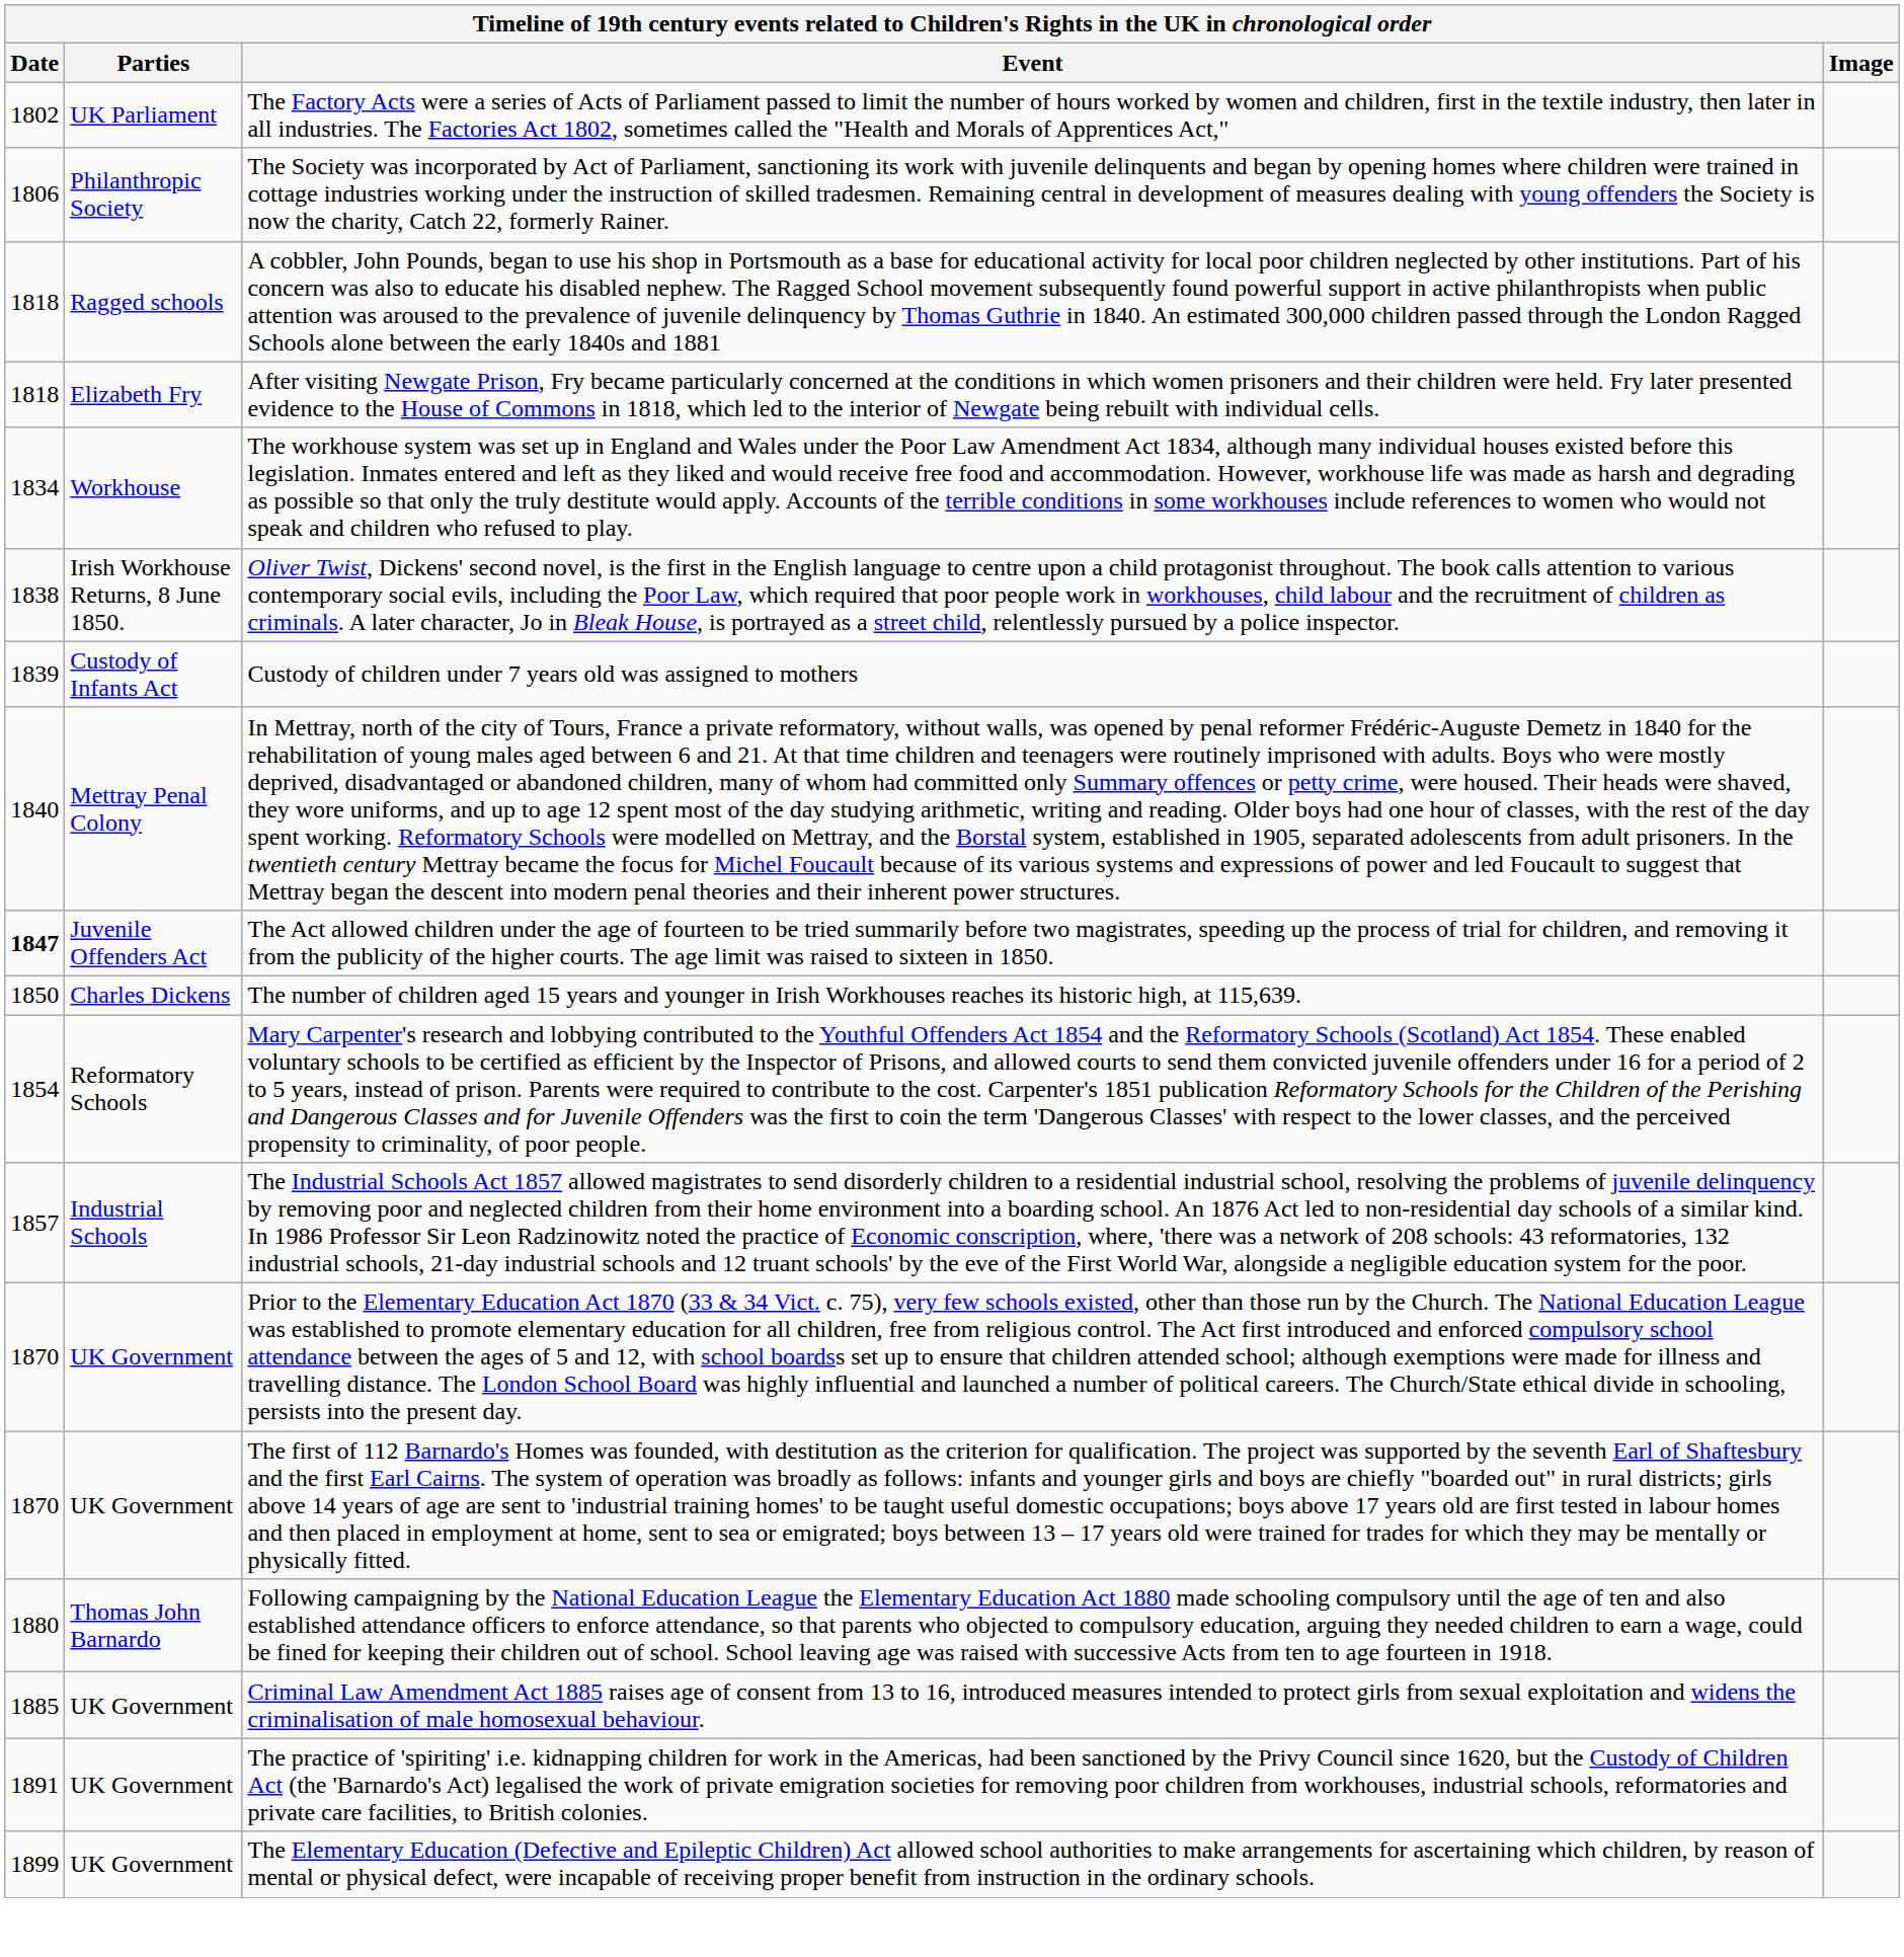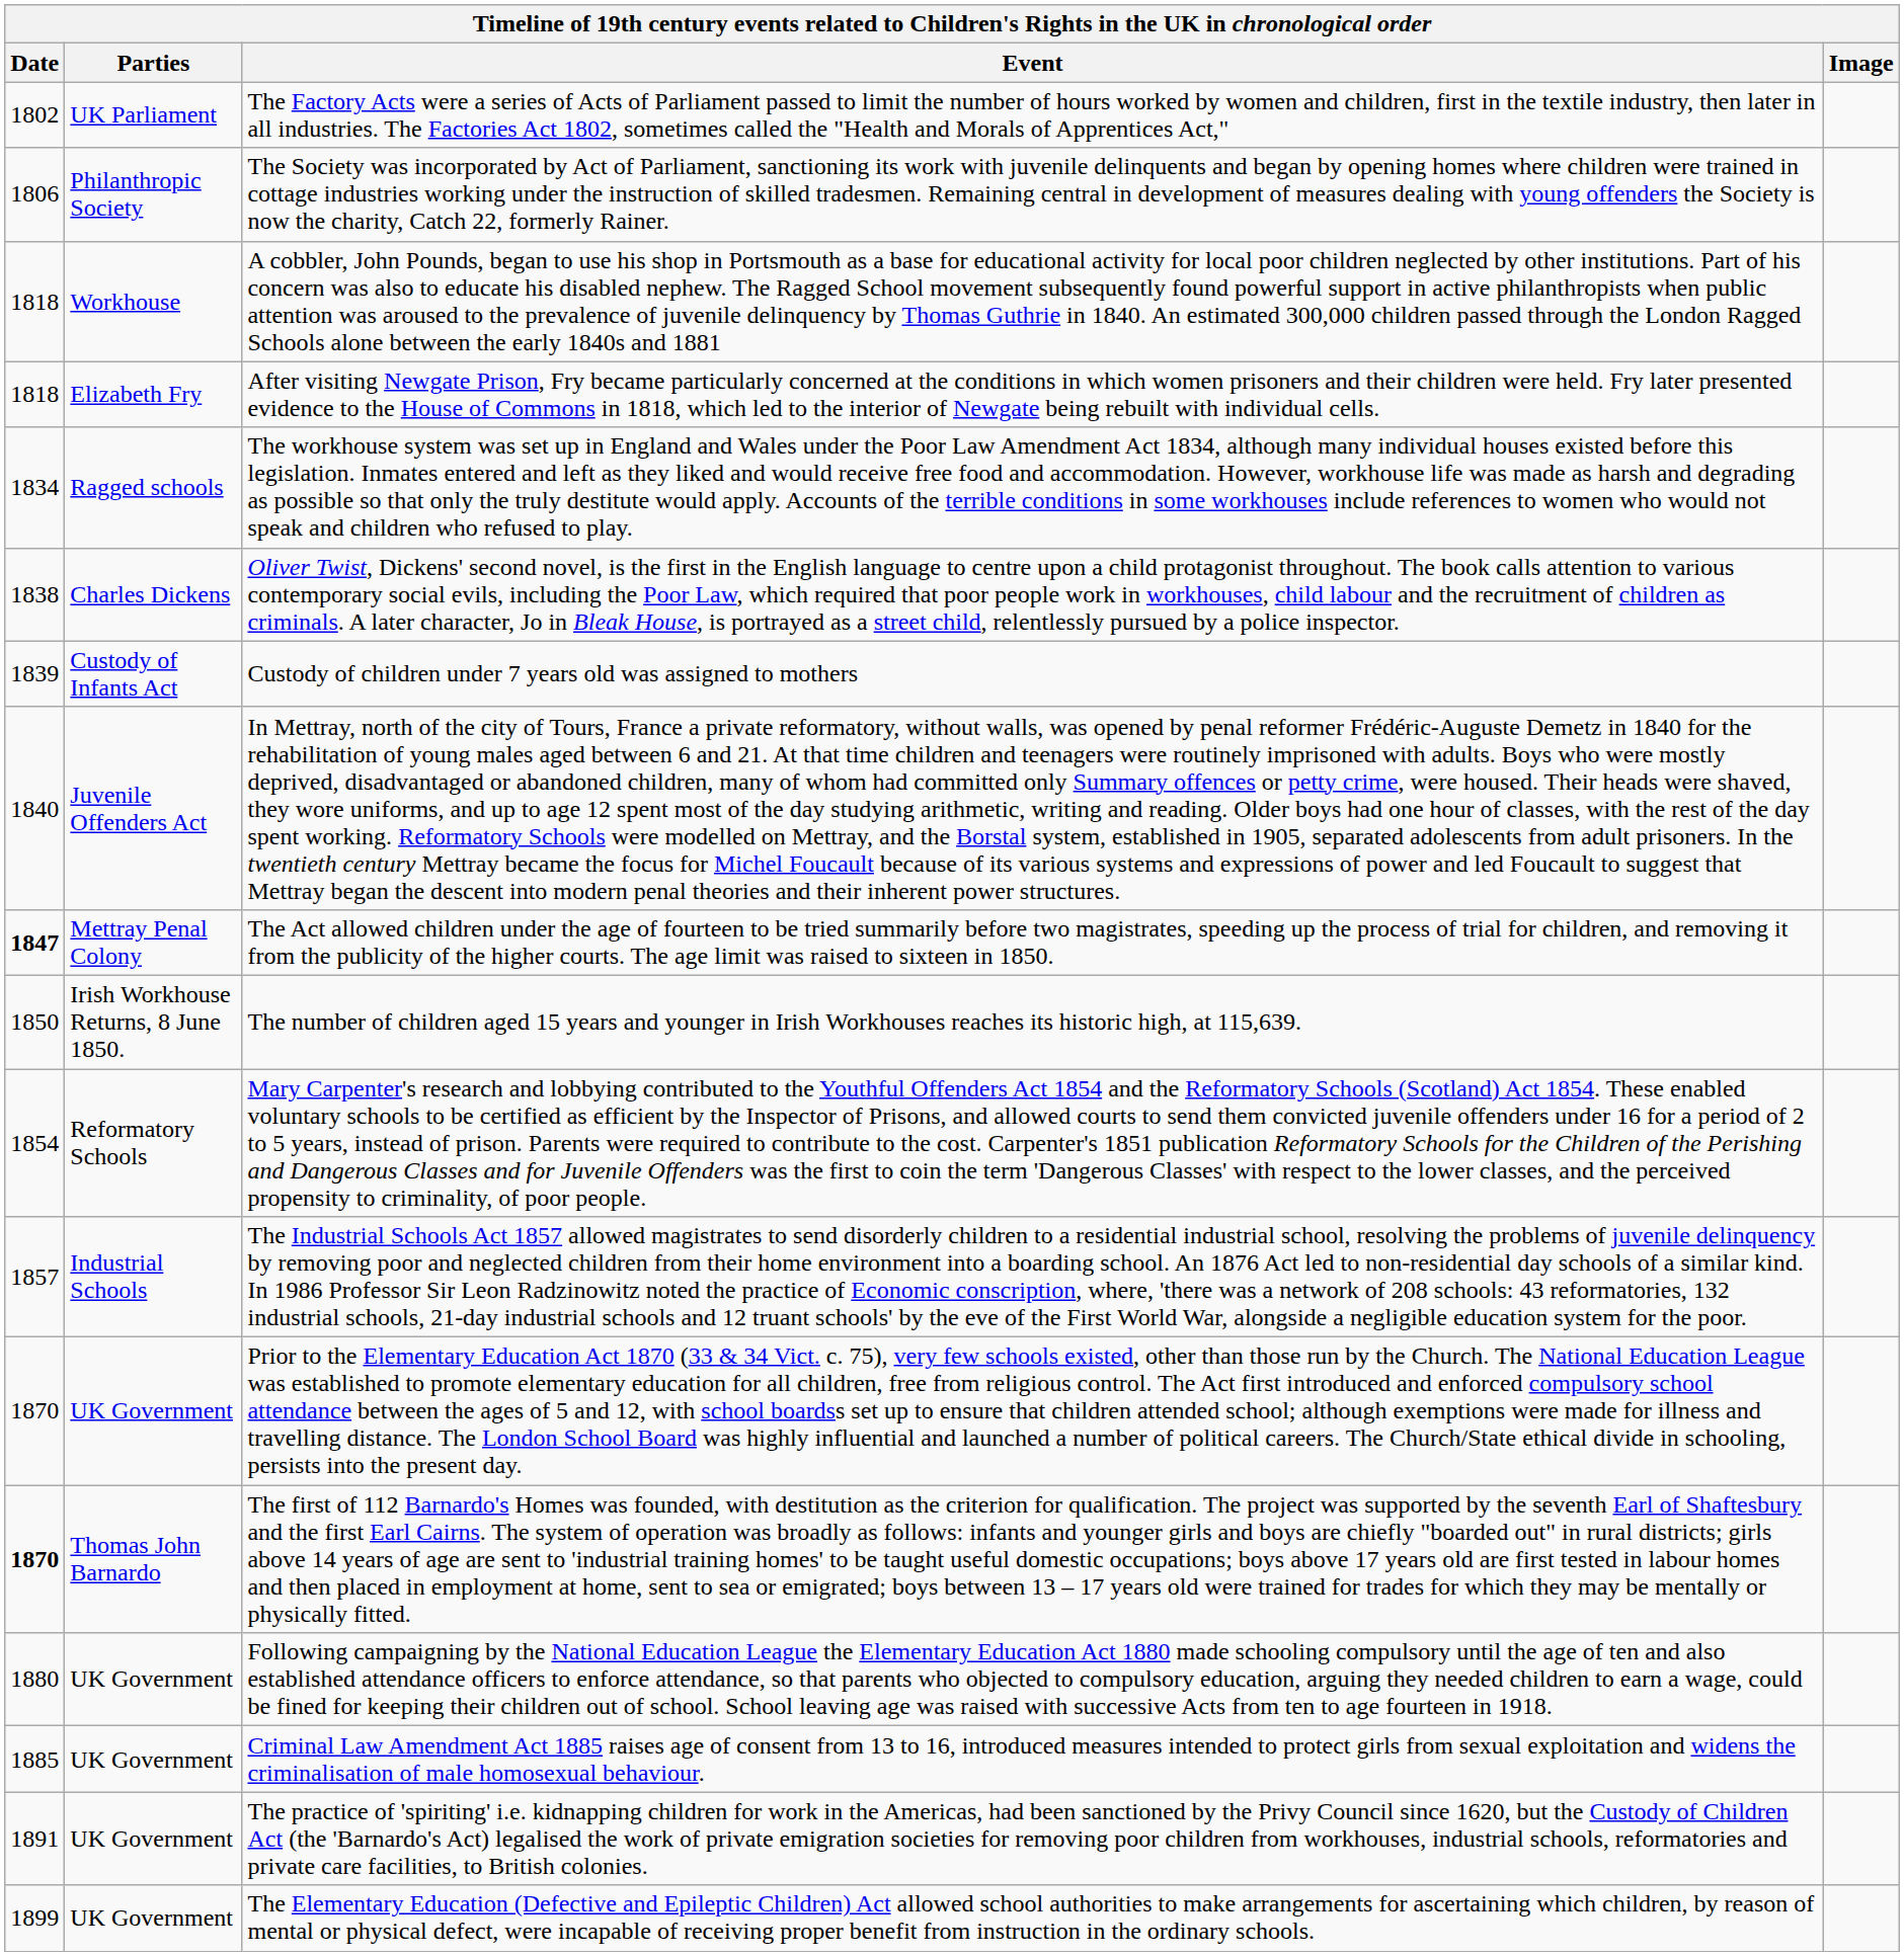 <table class="wikitable">
 <tr>
 <th align="center" colspan="6"><strong>Timeline of 19th century events related to Children's Rights in the UK</strong> in <em>chronological order</em></th>
 </tr>
 <tr>
 <th>Date</th>
 <th>Parties</th>
 <th>Event</th>
 <th>Image</th>
 </tr>
 <tr>
 <td>1802</td>
 <td><a href='#'>UK Parliament</a></td>
 <td>The <a href='#'>Factory Acts</a> were a series of Acts of Parliament passed to limit the number of hours worked by women and children, first in the textile industry, then later in all industries. The <a href='#'>Factories Act 1802</a>, sometimes called the "Health and Morals of Apprentices Act,"</td>
 <td></td>
 </tr>
 <tr>
 <td>1806</td>
 <td><a href='#'>Philanthropic Society</a></td>
 <td>The Society was incorporated by Act of Parliament, sanctioning its work with juvenile delinquents and began by opening homes where children were trained in cottage industries working under the instruction of skilled tradesmen. Remaining central in development of measures dealing with <a href='#'>young offenders</a> the Society is now the charity, Catch 22, formerly Rainer.</td>
 <td></td>
 </tr>
 <tr>
 <td>1818</td>
-<td><a href='#'>Ragged schools</a></td>
+<td><a href='#'>Workhouse</a></td>
 <td>A cobbler, John Pounds, began to use his shop in Portsmouth as a base for educational activity for local poor children neglected by other institutions. Part of his concern was also to educate his disabled nephew. The Ragged School movement subsequently found powerful support in active philanthropists when public attention was aroused to the prevalence of juvenile delinquency by <a href='#'>Thomas Guthrie</a> in 1840. An estimated 300,000 children passed through the London Ragged Schools alone between the early 1840s and 1881</td>
 </tr>
 <tr>
 <td>1818</td>
 <td><a href='#'>Elizabeth Fry</a></td>
 <td>After visiting <a href='#'>Newgate Prison</a>, Fry became particularly concerned at the conditions in which women prisoners and their children were held. Fry later presented evidence to the <a href='#'>House of Commons</a> in 1818, which led to the interior of <a href='#'>Newgate</a> being rebuilt with individual cells.</td>
 <td></td>
 </tr>
 <tr>
 <td>1834</td>
-<td><a href='#'>Workhouse</a></td>
+<td><a href='#'>Ragged schools</a></td>
 <td>The workhouse system was set up in England and Wales under the Poor Law Amendment Act 1834, although many individual houses existed before this legislation. Inmates entered and left as they liked and would receive free food and accommodation. However, workhouse life was made as harsh and degrading as possible so that only the truly destitute would apply. Accounts of the <a href='#'>terrible conditions</a> in <a href='#'>some workhouses</a> include references to women who would not speak and children who refused to play.</td>
 <td></td>
 </tr>
 <tr>
 <td>1838</td>
-<td>Irish Workhouse Returns, 8 June 1850.</td>
+<td><a href='#'>Charles Dickens</a></td>
 <td><em><a href='#'>Oliver Twist</a></em>, Dickens' second novel, is the first in the English language to centre upon a child protagonist throughout.  The book calls attention to various contemporary social evils, including the <a href='#'>Poor Law</a>, which required that poor people work in <a href='#'>workhouses</a>, <a href='#'>child labour</a> and the recruitment of <a href='#'>children as criminals</a>. A later character, Jo in <em><a href='#'>Bleak House</a></em>, is portrayed as a <a href='#'>street child</a>, relentlessly pursued by a police inspector.</td>
 <td></td>
 </tr>
 <tr>
 <td>1839</td>
 <td><a href='#'>Custody of Infants Act</a></td>
 <td>Custody of children under 7 years old was assigned to mothers</td>
 </tr>
 <tr>
 <td>1840</td>
-<td><a href='#'>Mettray Penal Colony</a></td>
+<td><a href='#'>Juvenile Offenders Act</a></td>
 <td>In Mettray, north of the city of Tours, France a private reformatory, without walls, was opened by penal reformer Frédéric-Auguste Demetz in 1840 for the rehabilitation of young males aged between 6 and 21. At that time children and teenagers were routinely imprisoned with adults. Boys who were mostly deprived, disadvantaged or abandoned children, many of whom had committed only <a href='#'>Summary offences</a> or <a href='#'>petty crime</a>, were housed. Their heads were shaved, they wore uniforms, and up to age 12 spent most of the day studying arithmetic, writing and reading. Older boys had one hour of classes, with the rest of the day spent working. <a href='#'>Reformatory Schools</a> were modelled on Mettray, and the <a href='#'>Borstal</a> system, established in 1905, separated adolescents from adult prisoners. In the <em>twentieth century</em> Mettray became the focus for <a href='#'>Michel Foucault</a> because of its various systems and expressions of power and led Foucault to suggest that Mettray began the descent into modern penal theories and their inherent power structures.</td>
 <td></td>
 </tr>
 <tr>
 <td><strong>1847</strong></td>
-<td><a href='#'>Juvenile Offenders Act</a></td>
+<td><a href='#'>Mettray Penal Colony</a></td>
 <td>The Act allowed children under the age of fourteen to be tried summarily before two magistrates, speeding up the process of trial for children, and removing it from the publicity of the higher courts. The age limit was raised to sixteen in 1850.</td>
 <td></td>
 </tr>
 <tr>
 <td>1850</td>
-<td><a href='#'>Charles Dickens</a></td>
+<td>Irish Workhouse Returns, 8 June 1850.</td>
 <td>The number of children aged 15 years and younger in Irish Workhouses reaches its historic high, at 115,639.</td>
 <td></td>
 </tr>
 <tr>
 <td>1854</td>
 <td>Reformatory Schools</td>
 <td><a href='#'>Mary Carpenter</a>'s research and lobbying contributed to the <a href='#'>Youthful Offenders Act 1854</a> and the <a href='#'>Reformatory Schools (Scotland) Act 1854</a>. These enabled voluntary schools to be certified as efficient by the Inspector of Prisons, and allowed courts to send them convicted juvenile offenders under 16 for a period of 2 to 5 years, instead of prison. Parents were required to contribute to the cost. Carpenter's 1851 publication <em>Reformatory Schools for the Children of the Perishing and Dangerous Classes and for Juvenile Offenders</em> was the first to coin the term 'Dangerous Classes' with respect to the lower classes, and the perceived propensity to criminality, of poor people.</td>
 <td></td>
 </tr>
 <tr>
 <td>1857</td>
 <td><a href='#'>Industrial Schools</a></td>
 <td>The <a href='#'>Industrial Schools Act 1857</a> allowed magistrates to send disorderly children to a residential industrial school, resolving the problems of <a href='#'>juvenile delinquency</a> by removing poor and neglected children from their home environment into a boarding school. An 1876 Act led to non-residential day schools of a similar kind. In 1986 Professor Sir Leon Radzinowitz noted the practice of <a href='#'>Economic conscription</a>, where, 'there was a network of 208 schools: 43 reformatories, 132 industrial schools, 21-day industrial schools and 12 truant schools' by the eve of the First World War, alongside a negligible education system for the poor.</td>
 <td></td>
 </tr>
 <tr>
 <td>1870</td>
 <td><a href='#'>UK Government</a></td>
 <td>Prior to the <a href='#'>Elementary Education Act 1870</a> (<a href='#'>33 & 34 Vict.</a> c. 75), <a href='#'>very few schools existed</a>, other than those run by the Church. The <a href='#'>National Education League</a> was established to promote elementary education for all children, free from religious control. The Act first introduced and enforced <a href='#'>compulsory school attendance</a> between the ages of 5 and 12, with <a href='#'>school boards</a>s set up to ensure that children attended school; although exemptions were made for illness and travelling distance. The <a href='#'>London School Board</a> was highly influential and launched a number of political careers.  The Church/State ethical divide in schooling, persists into the present day.</td>
 <td></td>
 </tr>
 <tr>
-<td>1870</td>
-<td>UK Government</td>
+<td><strong>1870</strong></td>
+<td><a href='#'>Thomas John Barnardo</a></td>
 <td>The first of 112 <a href='#'>Barnardo's</a> Homes was founded, with destitution as the criterion for qualification. The project was supported by the seventh <a href='#'>Earl of Shaftesbury</a> and the first <a href='#'>Earl Cairns</a>. The system of operation was broadly as follows: infants and younger girls and boys are chiefly "boarded out" in rural districts; girls above 14 years of age are sent to 'industrial training homes' to be taught useful domestic occupations; boys above 17 years old are first tested in labour homes and then placed in employment at home, sent to sea or emigrated; boys between 13 – 17 years old were trained for trades for which they may be mentally or physically fitted.</td>
 <td></td>
 </tr>
 <tr>
 <td>1880</td>
-<td><a href='#'>Thomas John Barnardo</a></td>
+<td>UK Government</td>
 <td>Following campaigning by the <a href='#'>National Education League</a> the <a href='#'>Elementary Education Act 1880</a> made schooling compulsory until the age of ten and also established attendance officers to enforce attendance, so that parents who objected to compulsory education, arguing they needed children to earn a wage, could be fined for keeping their children out of school.  School leaving age was raised with successive Acts from ten to age fourteen in 1918.</td>
 <td></td>
 </tr>
 <tr>
 <td>1885</td>
 <td>UK Government</td>
 <td><a href='#'>Criminal Law Amendment Act 1885</a> raises age of consent from 13 to 16, introduced measures intended to protect girls from sexual exploitation and <a href='#'>widens the criminalisation of male homosexual behaviour</a>.</td>
 <td></td>
 </tr>
 <tr>
 <td>1891</td>
 <td>UK Government</td>
 <td>The practice of 'spiriting' i.e. kidnapping children for work in the Americas, had been sanctioned by the Privy Council since 1620, but the <a href='#'>Custody of Children Act</a> (the 'Barnardo's Act) legalised the work of private emigration societies for removing poor children from workhouses, industrial schools, reformatories and private care facilities, to British colonies.</td>
 <td></td>
 </tr>
 <tr>
 <td>1899</td>
 <td>UK Government</td>
 <td>The <a href='#'>Elementary Education (Defective and Epileptic Children) Act</a> allowed school authorities to make arrangements for ascertaining which children, by reason of mental or physical defect, were incapable of receiving proper benefit from instruction in the ordinary schools.</td>
 <td></td>
 </tr>
 </table>
